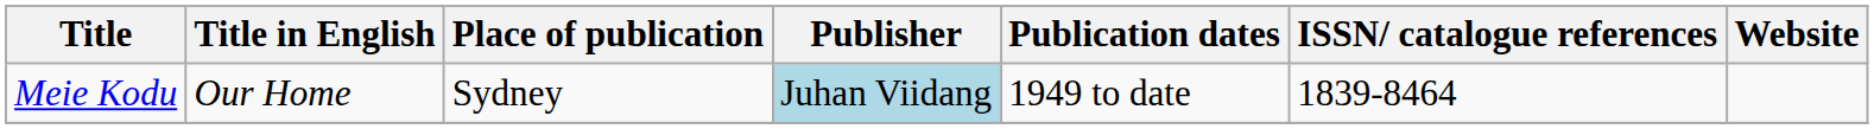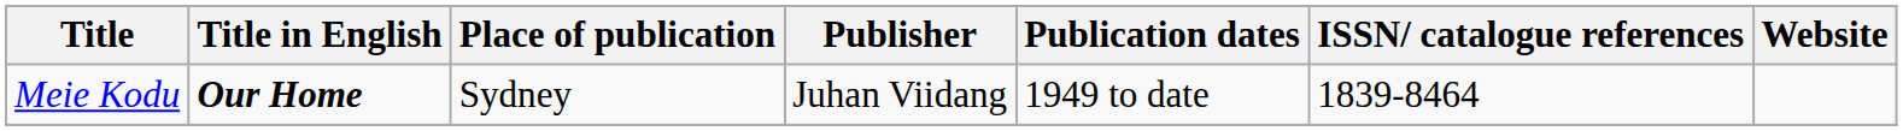 <table class="wikitable sortable">
 <tr>
 <th>Title</th>
 <th>Title in English</th>
 <th>Place of publication</th>
 <th>Publisher</th>
 <th>Publication dates</th>
 <th>ISSN/ catalogue references</th>
 <th>Website</th>
 </tr>
 <tr>
 <td><em><a href='#'>Meie Kodu</a></em></td>
-<td><em>Our Home</em></td>
+<td><strong><em>Our Home</em></strong></td>
 <td>Sydney</td>
-<td style="background: lightblue;">Juhan Viidang</td>
+<td>Juhan Viidang</td>
 <td>1949 to date</td>
 <td>1839-8464  </td>
 <td></td>
 </tr>
 <tr>
 </tr>
 </table>
